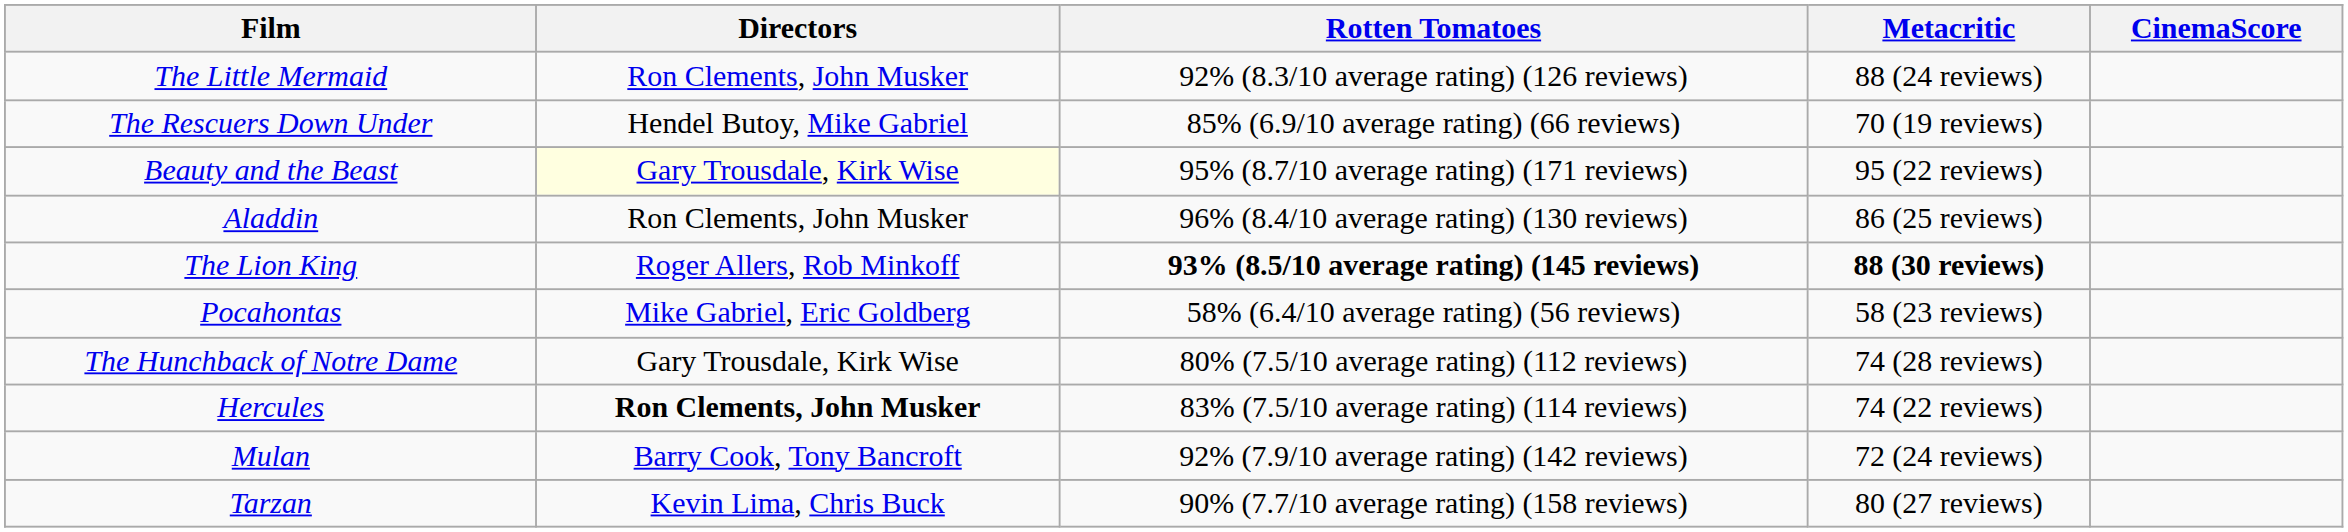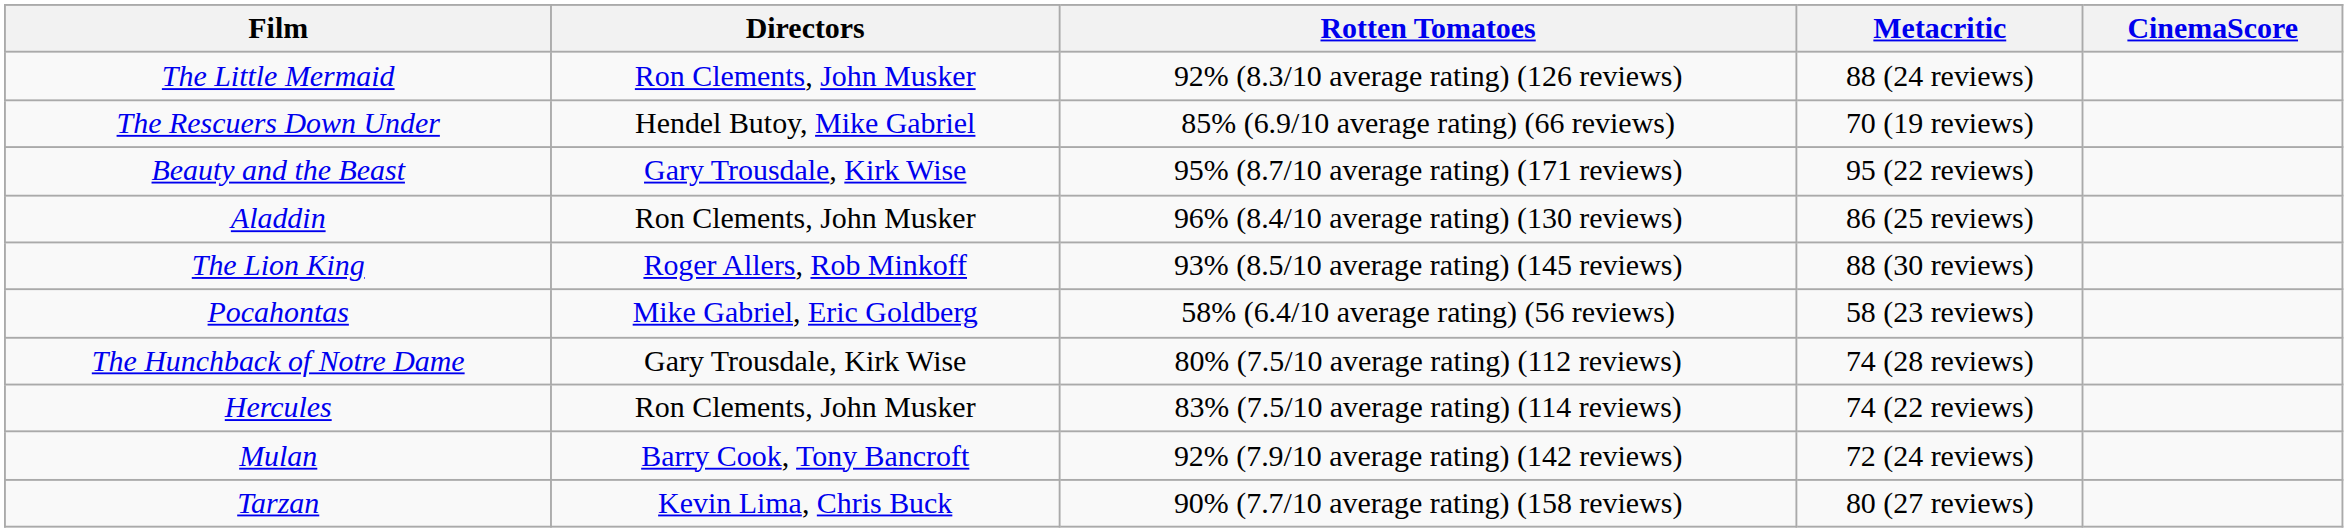 <table class="wikitable sortable"  style="width:99%; text-align:center;">
 <tr>
 <th>Film</th>
 <th>Directors</th>
 <th><a href='#'>Rotten Tomatoes</a></th>
 <th><a href='#'>Metacritic</a></th>
 <th><a href='#'>CinemaScore</a></th>
 </tr>
 <tr>
 <td><em><a href='#'>The Little Mermaid</a></em></td>
 <td><a href='#'>Ron Clements</a>, <a href='#'>John Musker</a></td>
 <td>92% (8.3/10 average rating) (126 reviews)</td>
 <td>88 (24 reviews)</td>
 <td></td>
 </tr>
 <tr>
 <td><em><a href='#'>The Rescuers Down Under</a></em></td>
 <td>Hendel Butoy, <a href='#'>Mike Gabriel</a></td>
 <td>85% (6.9/10 average rating) (66 reviews)</td>
 <td>70 (19 reviews)</td>
 <td></td>
 </tr>
 <tr>
 <td><em><a href='#'>Beauty and the Beast</a></em></td>
-<td style="background: lightyellow;"><a href='#'>Gary Trousdale</a>, <a href='#'>Kirk Wise</a></td>
+<td><a href='#'>Gary Trousdale</a>, <a href='#'>Kirk Wise</a></td>
 <td>95% (8.7/10 average rating) (171 reviews)</td>
 <td>95 (22 reviews)</td>
 <td></td>
 </tr>
 <tr>
 <td><em><a href='#'>Aladdin</a></em></td>
 <td>Ron Clements, John Musker</td>
 <td>96% (8.4/10 average rating) (130 reviews)</td>
 <td>86 (25 reviews)</td>
 <td></td>
 </tr>
 <tr>
 <td><em><a href='#'>The Lion King</a></em></td>
 <td><a href='#'>Roger Allers</a>, <a href='#'>Rob Minkoff</a></td>
-<td><strong>93% (8.5/10 average rating) (145 reviews)</strong></td>
-<td><strong>88 (30 reviews)</strong></td>
+<td>93% (8.5/10 average rating) (145 reviews)</td>
+<td>88 (30 reviews)</td>
 <td></td>
 </tr>
 <tr>
 <td><em><a href='#'>Pocahontas</a></em></td>
 <td><a href='#'>Mike Gabriel</a>, <a href='#'>Eric Goldberg</a></td>
 <td>58% (6.4/10 average rating) (56 reviews)</td>
 <td>58 (23 reviews)</td>
 <td></td>
 </tr>
 <tr>
 <td><em><a href='#'>The Hunchback of Notre Dame</a></em></td>
 <td>Gary Trousdale, Kirk Wise</td>
 <td>80% (7.5/10 average rating) (112 reviews)</td>
 <td>74 (28 reviews)</td>
 <td></td>
 </tr>
 <tr>
 <td><em><a href='#'>Hercules</a></em></td>
-<td><strong>Ron Clements, John Musker</strong></td>
+<td>Ron Clements, John Musker</td>
 <td>83% (7.5/10 average rating) (114 reviews)</td>
 <td>74 (22 reviews)</td>
 <td></td>
 </tr>
 <tr>
 <td><em><a href='#'>Mulan</a></em></td>
 <td><a href='#'>Barry Cook</a>, <a href='#'>Tony Bancroft</a></td>
 <td>92% (7.9/10 average rating) (142 reviews)</td>
 <td>72 (24 reviews)</td>
 <td></td>
 </tr>
 <tr>
 <td><em><a href='#'>Tarzan</a></em></td>
 <td><a href='#'>Kevin Lima</a>, <a href='#'>Chris Buck</a></td>
 <td>90% (7.7/10 average rating) (158 reviews)</td>
 <td>80 (27 reviews)</td>
 <td></td>
 </tr>
 </table>
